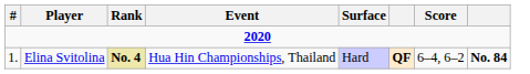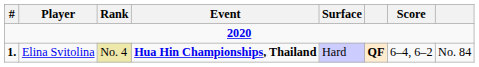 <table class="wikitable sortable">
 <tr>
 <th>#</th>
 <th>Player</th>
 <th>Rank</th>
 <th>Event</th>
 <th>Surface</th>
 <th></th>
 <th class="unsortable">Score</th>
 <th></th>
 </tr>
 <tr>
 <td colspan=8 style=text-align:center><strong><a href='#'>2020</a></strong></td>
 </tr>
 <tr>
-<td>1.</td>
+<td><strong>1.</strong></td>
 <td> <a href='#'>Elina Svitolina</a></td>
-<td bgcolor=eee8aa><strong>No. 4</strong></td>
-<td><a href='#'>Hua Hin Championships</a>, Thailand</td>
+<td bgcolor=eee8aa>No. 4</td>
+<td><strong><a href='#'>Hua Hin Championships</a>, Thailand</strong></td>
 <td bgcolor=ccccff>Hard</td>
 <td bgcolor=ffebcd><strong>QF</strong></td>
 <td>6–4, 6–2</td>
-<td><strong>No. 84</strong></td>
+<td>No. 84</td>
 </tr>
 </table>
